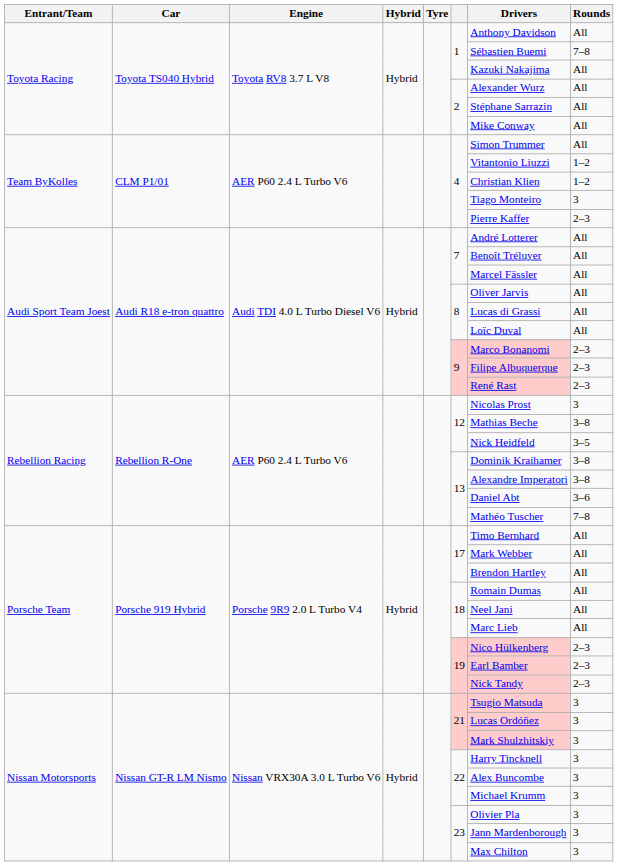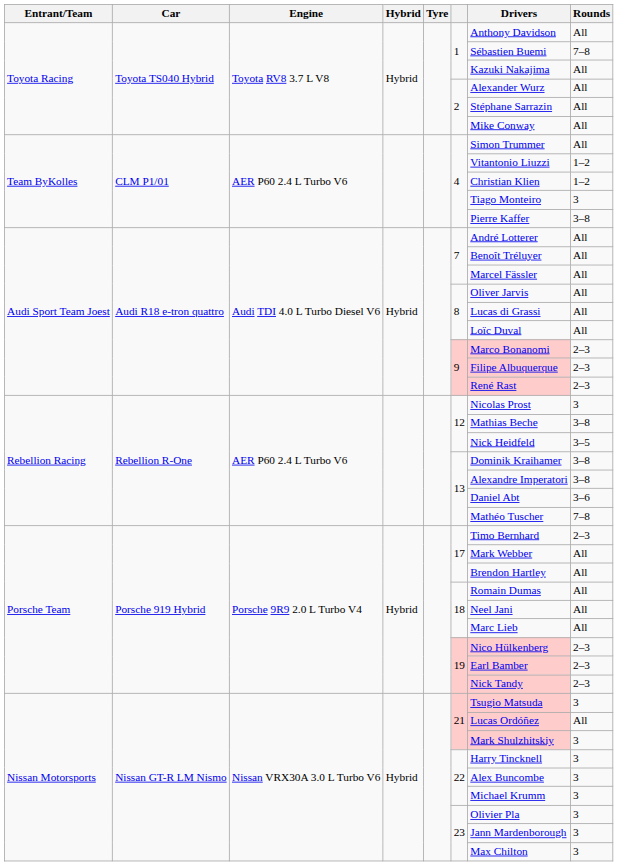 <table class="wikitable" style="font-size: 85%">
 <tr>
 <th>Entrant/Team</th>
 <th>Car</th>
 <th>Engine</th>
 <th>Hybrid</th>
 <th>Tyre</th>
 <th></th>
 <th>Drivers</th>
 <th>Rounds</th>
 </tr>
 <tr>
 <td rowspan=6> <a href='#'>Toyota Racing</a></td>
 <td rowspan=6><a href='#'>Toyota TS040 Hybrid</a></td>
 <td rowspan=6><a href='#'>Toyota</a> <a href='#'>RV8</a> 3.7 L V8</td>
 <td rowspan=6>Hybrid</td>
 <td rowspan=6></td>
 <td rowspan=3>1</td>
 <td> <a href='#'>Anthony Davidson</a></td>
 <td>All</td>
 </tr>
 <tr>
 <td> <a href='#'>Sébastien Buemi</a></td>
 <td>7–8</td>
 </tr>
 <tr>
 <td> <a href='#'>Kazuki Nakajima</a></td>
 <td>All</td>
 </tr>
 <tr>
 <td rowspan=3>2</td>
 <td> <a href='#'>Alexander Wurz</a></td>
 <td>All</td>
 </tr>
 <tr>
 <td> <a href='#'>Stéphane Sarrazin</a></td>
 <td>All</td>
 </tr>
 <tr>
 <td> <a href='#'>Mike Conway</a></td>
 <td>All</td>
 </tr>
 <tr>
 <td rowspan=5> <a href='#'>Team ByKolles</a></td>
 <td rowspan=5><a href='#'>CLM P1/01</a></td>
 <td rowspan=5><a href='#'>AER</a> P60 2.4 L Turbo V6</td>
 <td rowspan=5></td>
 <td rowspan=5></td>
 <td rowspan=5>4</td>
 <td> <a href='#'>Simon Trummer</a></td>
 <td>All</td>
 </tr>
 <tr>
 <td> <a href='#'>Vitantonio Liuzzi</a></td>
 <td>1–2</td>
 </tr>
 <tr>
 <td> <a href='#'>Christian Klien</a></td>
 <td>1–2</td>
 </tr>
 <tr>
 <td> <a href='#'>Tiago Monteiro</a></td>
 <td>3</td>
 </tr>
 <tr>
 <td> <a href='#'>Pierre Kaffer</a></td>
-<td>2–3</td>
+<td>3–8</td>
 </tr>
 <tr>
 <td rowspan=9> <a href='#'>Audi Sport Team Joest</a></td>
 <td rowspan=9><a href='#'>Audi R18 e-tron quattro</a></td>
 <td rowspan=9><a href='#'>Audi</a> <a href='#'>TDI</a> 4.0 L Turbo Diesel V6</td>
 <td rowspan=9>Hybrid</td>
 <td rowspan=9></td>
 <td rowspan=3>7</td>
 <td> <a href='#'>André Lotterer</a></td>
 <td>All</td>
 </tr>
 <tr>
 <td> <a href='#'>Benoît Tréluyer</a></td>
 <td>All</td>
 </tr>
 <tr>
 <td> <a href='#'>Marcel Fässler</a></td>
 <td>All</td>
 </tr>
 <tr>
 <td rowspan=3>8</td>
 <td> <a href='#'>Oliver Jarvis</a></td>
 <td>All</td>
 </tr>
 <tr>
 <td> <a href='#'>Lucas di Grassi</a></td>
 <td>All</td>
 </tr>
 <tr>
 <td> <a href='#'>Loïc Duval</a></td>
 <td>All</td>
 </tr>
 <tr>
 <td rowspan=3 style="background-color: #ffcccc">9</td>
 <td style="background-color: #ffcccc"> <a href='#'>Marco Bonanomi</a></td>
 <td>2–3</td>
 </tr>
 <tr>
 <td style="background-color: #ffcccc"> <a href='#'>Filipe Albuquerque</a></td>
 <td>2–3</td>
 </tr>
 <tr>
 <td style="background-color: #ffcccc"> <a href='#'>René Rast</a></td>
 <td>2–3</td>
 </tr>
 <tr>
 <td rowspan=7> <a href='#'>Rebellion Racing</a></td>
 <td rowspan=7><a href='#'>Rebellion R-One</a></td>
 <td rowspan=7><a href='#'>AER</a> P60 2.4 L Turbo V6</td>
 <td rowspan=7></td>
 <td rowspan=7></td>
 <td rowspan=3>12</td>
 <td> <a href='#'>Nicolas Prost</a></td>
 <td>3</td>
 </tr>
 <tr>
 <td> <a href='#'>Mathias Beche</a></td>
 <td>3–8</td>
 </tr>
 <tr>
 <td> <a href='#'>Nick Heidfeld</a></td>
 <td>3–5</td>
 </tr>
 <tr>
 <td rowspan=4>13</td>
 <td> <a href='#'>Dominik Kraihamer</a></td>
 <td>3–8</td>
 </tr>
 <tr>
 <td> <a href='#'>Alexandre Imperatori</a></td>
 <td>3–8</td>
 </tr>
 <tr>
 <td> <a href='#'>Daniel Abt</a></td>
 <td>3–6</td>
 </tr>
 <tr>
 <td> <a href='#'>Mathéo Tuscher</a></td>
 <td>7–8</td>
 </tr>
 <tr>
 <td rowspan=9> <a href='#'>Porsche Team</a></td>
 <td rowspan=9><a href='#'>Porsche 919 Hybrid</a></td>
 <td rowspan=9><a href='#'>Porsche</a> <a href='#'>9R9</a> 2.0 L Turbo V4</td>
 <td rowspan=9>Hybrid</td>
 <td rowspan=9></td>
 <td rowspan=3>17</td>
 <td> <a href='#'>Timo Bernhard</a></td>
-<td>All</td>
+<td>2–3</td>
 </tr>
 <tr>
 <td> <a href='#'>Mark Webber</a></td>
 <td>All</td>
 </tr>
 <tr>
 <td> <a href='#'>Brendon Hartley</a></td>
 <td>All</td>
 </tr>
 <tr>
 <td rowspan=3>18</td>
 <td> <a href='#'>Romain Dumas</a></td>
 <td>All</td>
 </tr>
 <tr>
 <td> <a href='#'>Neel Jani</a></td>
 <td>All</td>
 </tr>
 <tr>
 <td> <a href='#'>Marc Lieb</a></td>
 <td>All</td>
 </tr>
 <tr>
 <td rowspan=3 style="background-color: #ffcccc">19</td>
 <td style="background-color: #ffcccc"> <a href='#'>Nico Hülkenberg</a></td>
 <td>2–3</td>
 </tr>
 <tr>
 <td style="background-color: #ffcccc"> <a href='#'>Earl Bamber</a></td>
 <td>2–3</td>
 </tr>
 <tr>
 <td style="background-color: #ffcccc"> <a href='#'>Nick Tandy</a></td>
 <td>2–3</td>
 </tr>
 <tr>
 <td rowspan=9> <a href='#'>Nissan Motorsports</a></td>
 <td rowspan=9><a href='#'>Nissan GT-R LM Nismo</a></td>
 <td rowspan=9><a href='#'>Nissan</a> VRX30A 3.0 L Turbo V6</td>
 <td rowspan=9>Hybrid</td>
 <td rowspan=9></td>
 <td rowspan=3 style="background-color: #ffcccc">21</td>
 <td style="background-color: #ffcccc"> <a href='#'>Tsugio Matsuda</a></td>
 <td>3</td>
 </tr>
 <tr>
 <td style="background-color: #ffcccc"> <a href='#'>Lucas Ordóñez</a></td>
-<td>3</td>
+<td>All</td>
 </tr>
 <tr>
 <td style="background-color: #ffcccc"> <a href='#'>Mark Shulzhitskiy</a></td>
 <td>3</td>
 </tr>
 <tr>
 <td rowspan=3>22</td>
 <td> <a href='#'>Harry Tincknell</a></td>
 <td>3</td>
 </tr>
 <tr>
 <td> <a href='#'>Alex Buncombe</a></td>
 <td>3</td>
 </tr>
 <tr>
 <td> <a href='#'>Michael Krumm</a></td>
 <td>3</td>
 </tr>
 <tr>
 <td rowspan=3>23</td>
 <td> <a href='#'>Olivier Pla</a></td>
 <td>3</td>
 </tr>
 <tr>
 <td> <a href='#'>Jann Mardenborough</a></td>
 <td>3</td>
 </tr>
 <tr>
 <td> <a href='#'>Max Chilton</a></td>
 <td>3</td>
 </tr>
 </table>
